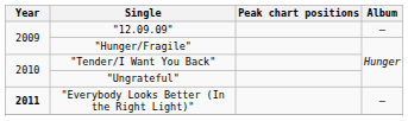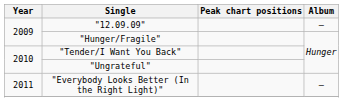 <table class="wikitable" style="text-align:center;" border="1">
 <tr>
 <th style="width:4em;">Year</th>
 <th style="width:18em;">Single</th>
 <th>Peak chart positions</th>
 <th>Album</th>
 </tr>
 <tr>
 <td rowspan="2">2009</td>
 <td>"12.09.09"</td>
 <td></td>
 <td>–</td>
 </tr>
 <tr>
 <td>"Hunger/Fragile"</td>
 <td></td>
 <td rowspan="3" align="center"><em>Hunger</em></td>
 </tr>
 <tr>
 <td rowspan="2">2010</td>
 <td>"Tender/I Want You Back"</td>
 <td></td>
 </tr>
 <tr>
 <td>"Ungrateful"</td>
 <td></td>
 </tr>
 <tr>
-<td rowspan=""><strong>2011</strong></td>
+<td rowspan="">2011</td>
 <td>"Everybody Looks Better (In the Right Light)"</td>
 <td></td>
 <td>–</td>
 </tr>
 <tr>
 </tr>
 <tr>
 </tr>
 </table>
